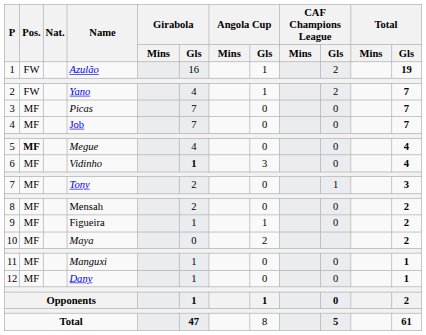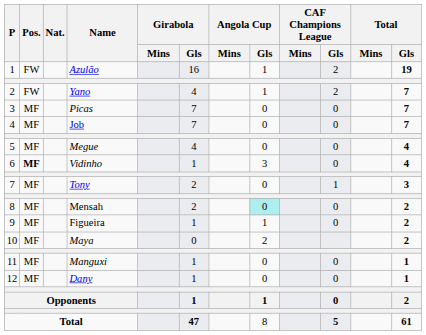 <table class="wikitable sortable" style="text-align:center">
 <tr>
 <th style="text-align:center;" rowspan="2">P</th>
 <th style="text-align:center;" rowspan="2">Pos.</th>
 <th style="text-align:center;" rowspan="2">Nat.</th>
 <th style="text-align:center; width:100px;" rowspan="2">Name</th>
 <th style="text-align:center; width:100px;" colspan="2">Girabola</th>
 <th style="text-align:center; width:100px;" colspan="2">Angola Cup</th>
 <th style="text-align:center; width:100px;" colspan="2">CAF Champions League</th>
 <th style="text-align:center; width:100px;" colspan="2">Total</th>
 </tr>
 <tr>
 <th style="text-align:center;">Mins</th>
 <th style="text-align:center;">Gls</th>
 <th style="text-align:center;">Mins</th>
 <th style="text-align:center;">Gls</th>
 <th style="text-align:center;">Mins</th>
 <th style="text-align:center;">Gls</th>
 <th style="text-align:center;">Mins</th>
 <th style="text-align:center;">Gls</th>
 </tr>
 <tr>
 <td>1</td>
 <td>FW</td>
 <td></td>
 <td align=left><em><a href='#'>Azulão</a></em></td>
 <td style="background:#eaecf0;"><em></em></td>
 <td style="background:#eaecf0;">16</td>
 <td><em></em></td>
 <td>1</td>
 <td style="background:#eaecf0;"><em></em></td>
 <td style="background:#eaecf0;">2</td>
 <td><strong><em></em></strong></td>
 <td><strong>19</strong></td>
 </tr>
 <tr>
 <th colspan=14></th>
 </tr>
 <tr>
 <td>2</td>
 <td>FW</td>
 <td></td>
 <td align=left><em><a href='#'>Yano</a></em></td>
 <td style="background:#eaecf0;"><em></em></td>
 <td style="background:#eaecf0;">4</td>
 <td><em></em></td>
 <td>1</td>
 <td style="background:#eaecf0;"><em></em></td>
 <td style="background:#eaecf0;">2</td>
 <td><strong><em></em></strong></td>
 <td><strong>7</strong></td>
 </tr>
 <tr>
 <td>3</td>
 <td>MF</td>
 <td></td>
 <td align=left><em>Picas</em></td>
 <td style="background:#eaecf0;"><em></em></td>
 <td style="background:#eaecf0;">7</td>
 <td><em></em></td>
 <td>0</td>
 <td style="background:#eaecf0;"><em></em></td>
 <td style="background:#eaecf0;">0</td>
 <td><strong><em></em></strong></td>
 <td><strong>7</strong></td>
 </tr>
 <tr>
 <td>4</td>
 <td>MF</td>
 <td></td>
 <td align=left><a href='#'>Job</a></td>
 <td style="background:#eaecf0;"><em></em></td>
 <td style="background:#eaecf0;">7</td>
 <td><em></em></td>
 <td>0</td>
 <td style="background:#eaecf0;"><em></em></td>
 <td style="background:#eaecf0;">0</td>
 <td><strong><em></em></strong></td>
 <td><strong>7</strong></td>
 </tr>
 <tr>
 <th colspan=14></th>
 </tr>
 <tr>
 <td>5</td>
-<td><strong>MF</strong></td>
+<td>MF</td>
 <td></td>
 <td align=left><em>Megue</em></td>
 <td style="background:#eaecf0;"><em></em></td>
 <td style="background:#eaecf0;">4</td>
 <td><em></em></td>
 <td>0</td>
 <td style="background:#eaecf0;"><em></em></td>
 <td style="background:#eaecf0;">0</td>
 <td><strong><em></em></strong></td>
 <td><strong>4</strong></td>
 </tr>
 <tr>
 <td>6</td>
-<td>MF</td>
+<td><strong>MF</strong></td>
 <td></td>
 <td align=left><em>Vidinho</em></td>
 <td style="background:#eaecf0;"><em></em></td>
-<td style="background:#eaecf0;"><strong>1</strong></td>
+<td style="background:#eaecf0;">1</td>
 <td><em></em></td>
 <td>3</td>
 <td style="background:#eaecf0;"><em></em></td>
 <td style="background:#eaecf0;">0</td>
 <td><strong><em></em></strong></td>
 <td><strong>4</strong></td>
 </tr>
 <tr>
 <th colspan=14></th>
 </tr>
 <tr>
 <td>7</td>
 <td>MF</td>
 <td></td>
 <td align=left><em><a href='#'>Tony</a></em></td>
 <td style="background:#eaecf0;"><em></em></td>
 <td style="background:#eaecf0;">2</td>
 <td><em></em></td>
 <td>0</td>
 <td style="background:#eaecf0;"><em></em></td>
 <td style="background:#eaecf0;">1</td>
 <td><strong><em></em></strong></td>
 <td><strong>3</strong></td>
 </tr>
 <tr>
 <th colspan=14></th>
 </tr>
 <tr>
 <td>8</td>
 <td>MF</td>
 <td></td>
 <td align=left>Mensah</td>
 <td style="background:#eaecf0;"><em></em></td>
 <td style="background:#eaecf0;">2</td>
 <td><em></em></td>
-<td>0</td>
+<td style="background: paleturquoise;">0</td>
 <td style="background:#eaecf0;"><em></em></td>
 <td style="background:#eaecf0;">0</td>
 <td><strong><em></em></strong></td>
 <td><strong>2</strong></td>
 </tr>
 <tr>
 <td>9</td>
 <td>MF</td>
 <td></td>
 <td align=left>Figueira</td>
 <td style="background:#eaecf0;"><em></em></td>
 <td style="background:#eaecf0;">1</td>
 <td><em></em></td>
 <td>1</td>
 <td style="background:#eaecf0;"><em></em></td>
 <td style="background:#eaecf0;">0</td>
 <td><strong><em></em></strong></td>
 <td><strong>2</strong></td>
 </tr>
 <tr>
 <td>10</td>
 <td>MF</td>
 <td></td>
 <td align=left><em>Maya</em></td>
 <td style="background:#eaecf0;"><em></em></td>
 <td style="background:#eaecf0;">0</td>
 <td><em></em></td>
 <td>2</td>
 <td style="background:#eaecf0;"></td>
 <td style="background:#eaecf0;"></td>
 <td><strong><em></em></strong></td>
 <td><strong>2</strong></td>
 </tr>
 <tr>
 <th colspan=14></th>
 </tr>
 <tr>
 <td>11</td>
 <td>MF</td>
 <td></td>
 <td align=left><em>Manguxi</em></td>
 <td style="background:#eaecf0;"><em></em></td>
 <td style="background:#eaecf0;">1</td>
 <td><em></em></td>
 <td>0</td>
 <td style="background:#eaecf0;"><em></em></td>
 <td style="background:#eaecf0;">0</td>
 <td><strong><em></em></strong></td>
 <td><strong>1</strong></td>
 </tr>
 <tr>
 <td>12</td>
 <td>MF</td>
 <td></td>
 <td align=left><em><a href='#'>Dany</a></em></td>
 <td style="background:#eaecf0;"><em></em></td>
 <td style="background:#eaecf0;">1</td>
 <td><em></em></td>
 <td>0</td>
 <td style="background:#eaecf0;"><em></em></td>
 <td style="background:#eaecf0;">0</td>
 <td><strong><em></em></strong></td>
 <td><strong>1</strong></td>
 </tr>
 <tr>
 <th colspan=14></th>
 </tr>
 <tr>
 <th colspan=4>Opponents</th>
 <th style="background:#eaecf0;"></th>
 <th style="background:#eaecf0;">1</th>
 <th></th>
 <th>1</th>
 <th style="background:#eaecf0;"></th>
 <th style="background:#eaecf0;">0</th>
 <th></th>
 <th>2</th>
 </tr>
 <tr>
 <th colspan=14></th>
 </tr>
 <tr>
 <td colspan=4><strong>Total</strong></td>
 <td style="background:#eaecf0;"></td>
 <td style="background:#eaecf0;"><strong>47</strong></td>
 <td></td>
 <td>8</td>
 <td style="background:#eaecf0;"></td>
 <td style="background:#eaecf0;"><strong>5</strong></td>
 <td></td>
 <td><strong>61</strong></td>
 </tr>
 </table>
